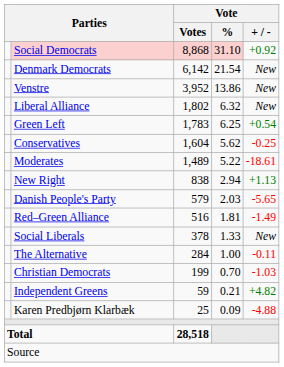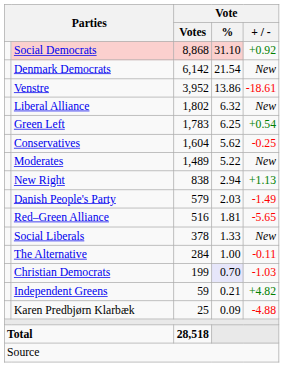 <table class="wikitable" style="text-align:right;">
 <tr>
 <th style="text-align:centre;" rowspan="2" colspan="2" width="225">Parties</th>
 <th colspan="3">Vote</th>
 </tr>
 <tr>
 <th width="15">Votes</th>
 <th width="15">%</th>
 <th width="15">+ / -</th>
 </tr>
 <tr>
 <td width="2" style="color:inherit;background:"></td>
 <td bgcolor=#fbd0ce  align="left"><a href='#'>Social Democrats</a></td>
 <td bgcolor=#fbd0ce>8,868</td>
 <td bgcolor=#fbd0ce>31.10</td>
 <td style=color:green;>+0.92</td>
 </tr>
 <tr>
 <td width="2" style="color:inherit;background:"></td>
 <td align="left"><a href='#'>Denmark Democrats</a></td>
 <td>6,142</td>
 <td>21.54</td>
 <td><em>New</em></td>
 </tr>
 <tr>
 <td width="2" style="color:inherit;background:"></td>
 <td align="left"><a href='#'>Venstre</a></td>
 <td>3,952</td>
 <td>13.86</td>
-<td><em>New</em></td>
+<td style=color:red;>-18.61</td>
 </tr>
 <tr>
 <td width="2" style="color:inherit;background:"></td>
 <td align="left"><a href='#'>Liberal Alliance</a></td>
 <td>1,802</td>
 <td>6.32</td>
 <td><em>New</em></td>
 </tr>
 <tr>
 <td width="2" style="color:inherit;background:"></td>
 <td align="left"><a href='#'>Green Left</a></td>
 <td>1,783</td>
 <td>6.25</td>
 <td style=color:green;>+0.54</td>
 </tr>
 <tr>
 <td width="2" style="color:inherit;background:"></td>
 <td align="left"><a href='#'>Conservatives</a></td>
 <td>1,604</td>
 <td>5.62</td>
 <td style=color:red;>-0.25</td>
 </tr>
 <tr>
 <td width="2" style="color:inherit;background:"></td>
 <td align="left"><a href='#'>Moderates</a></td>
 <td>1,489</td>
 <td>5.22</td>
-<td style=color:red;>-18.61</td>
+<td><em>New</em></td>
 </tr>
 <tr>
 <td width="2" style="color:inherit;background:"></td>
 <td align="left"><a href='#'>New Right</a></td>
 <td>838</td>
 <td>2.94</td>
 <td style=color:green;>+1.13</td>
 </tr>
 <tr>
 <td width="2" style="color:inherit;background:"></td>
 <td align="left"><a href='#'>Danish People's Party</a></td>
 <td>579</td>
 <td>2.03</td>
-<td style=color:red;>-5.65</td>
+<td style=color:red;>-1.49</td>
 </tr>
 <tr>
 <td width="2" style="color:inherit;background:"></td>
 <td align="left"><a href='#'>Red–Green Alliance</a></td>
 <td>516</td>
 <td>1.81</td>
-<td style=color:red;>-1.49</td>
+<td style=color:red;>-5.65</td>
 </tr>
 <tr>
 <td width="2" style="color:inherit;background:"></td>
 <td align="left"><a href='#'>Social Liberals</a></td>
 <td>378</td>
 <td>1.33</td>
 <td><em>New</em></td>
 </tr>
 <tr>
 <td width="2" style="color:inherit;background:"></td>
 <td align="left"><a href='#'>The Alternative</a></td>
 <td>284</td>
 <td>1.00</td>
 <td style=color:red;>-0.11</td>
 </tr>
 <tr>
 <td width="2" style="color:inherit;background:"></td>
 <td align="left"><a href='#'>Christian Democrats</a></td>
 <td>199</td>
-<td>0.70</td>
+<td style="background: lavender;">0.70</td>
 <td style=color:red;>-1.03</td>
 </tr>
 <tr>
 <td width="2" style="color:inherit;background:"></td>
 <td align="left"><a href='#'>Independent Greens</a></td>
 <td>59</td>
 <td>0.21</td>
 <td style=color:green;>+4.82</td>
 </tr>
 <tr>
 <td width="2" style="color:inherit;background:"></td>
 <td align="left">Karen Predbjørn Klarbæk</td>
 <td>25</td>
 <td>0.09</td>
 <td style=color:red;>-4.88</td>
 </tr>
 <tr>
 <td colspan="7" bgcolor="#E9E9E9"></td>
 </tr>
 <tr>
 <td align="left" colspan="2"><strong>Total</strong></td>
 <td><strong>28,518</strong></td>
 <td bgcolor="#E9E9E9" colspan="2"></td>
 </tr>
 <tr>
 <td align="left" colspan="6">Source</td>
 </tr>
 </table>
